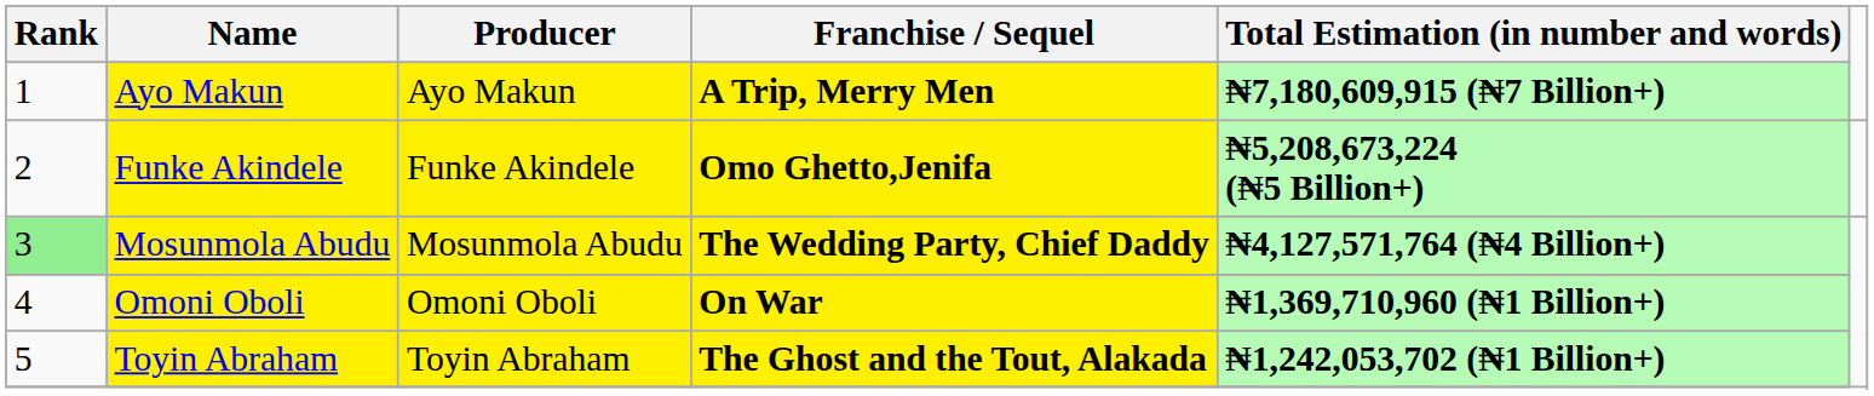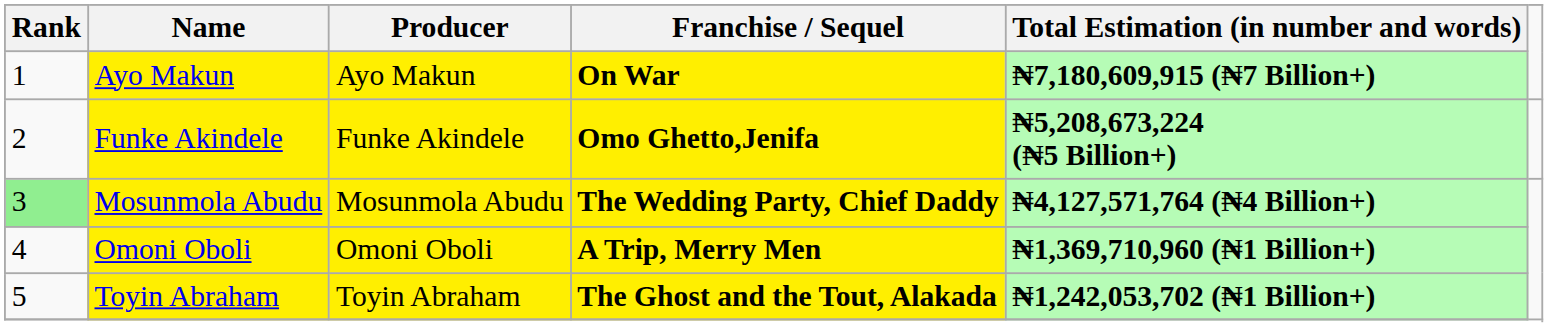 <table class="wikitable sortable">
 <tr>
 <th>Rank</th>
 <th>Name</th>
 <th>Producer</th>
 <th>Franchise / Sequel</th>
 <th>Total Estimation (in number and words)</th>
 </tr>
 <tr>
 <td>1</td>
 <td style="background: #FFEF00;"><a href='#'>Ayo Makun</a></td>
 <td style="background: #FFEF00;">Ayo Makun</td>
-<td style="background: #FFEF00;"><strong>A Trip, Merry Men</strong></td>
+<td style="background: #FFEF00;"><strong>On War</strong></td>
 <td style="background:#b6fcb6;"><strong>₦7,180,609,915 (₦7 Billion+)</strong></td>
 </tr>
 <tr>
 <td>2</td>
 <td style="background: #FFEF00;"><a href='#'>Funke Akindele</a></td>
 <td style="background: #FFEF00;">Funke Akindele</td>
 <td style="background: #FFEF00;"><strong>Omo Ghetto,Jenifa</strong></td>
 <td style="background:#b6fcb6;"><strong>₦5,208,673,224</strong><br><strong>(₦5 Billion+)</strong></td>
 <td></td>
 </tr>
 <tr>
 <td style="background: lightgreen;">3</td>
 <td style="background: #FFEF00;"><a href='#'>Mosunmola Abudu</a></td>
 <td style="background: #FFEF00;">Mosunmola Abudu</td>
 <td style="background: #FFEF00;"><strong>The Wedding Party, Chief Daddy</strong></td>
 <td style="background:#b6fcb6;"><strong>₦4,127,571,764 (₦4 Billion+)</strong></td>
 </tr>
 <tr>
 <td>4</td>
 <td style="background: #FFEF00;"><a href='#'>Omoni Oboli</a></td>
 <td style="background: #FFEF00;">Omoni Oboli</td>
-<td style="background: #FFEF00;"><strong>On War</strong></td>
+<td style="background: #FFEF00;"><strong>A Trip, Merry Men</strong></td>
 <td style="background:#b6fcb6;"><strong>₦1,369,710,960 (₦1 Billion+)</strong></td>
 </tr>
 <tr>
 <td>5</td>
 <td style="background: #FFEF00;"><a href='#'>Toyin Abraham</a></td>
 <td style="background: #FFEF00;">Toyin Abraham</td>
 <td style="background: #FFEF00;"><strong>The Ghost and the Tout, Alakada</strong></td>
 <td style="background:#b6fcb6;"><strong>₦1,242,053,702 (₦1 Billion+)</strong></td>
 </tr>
 <tr>
 </tr>
 </table>
